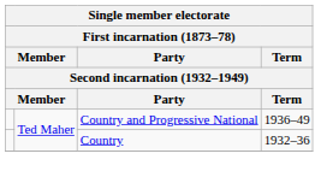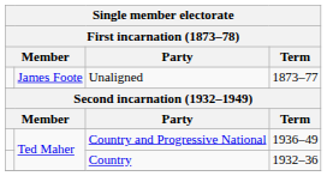 <table class="wikitable">
 <tr>
 <th colspan="4">Single member electorate</th>
 </tr>
 <tr>
 <th colspan="4">First incarnation (1873–78)</th>
 </tr>
 <tr>
 <th colspan="2">Member</th>
 <th>Party</th>
 <th>Term</th>
+</tr>
+<tr>
+<td> </td>
+<td><a href='#'>James Foote</a></td>
+<td>Unaligned</td>
+<td>1873–77</td>
 </tr>
 <tr>
 <th colspan="4">Second incarnation (1932–1949)</th>
 </tr>
 <tr>
 <th colspan="2">Member</th>
 <th>Party</th>
 <th>Term</th>
 </tr>
 <tr>
 <td> </td>
 <td rowspan="2"><a href='#'>Ted Maher</a></td>
 <td><a href='#'>Country and Progressive National</a></td>
 <td>1936–49</td>
 </tr>
 <tr>
 <td> </td>
 <td><a href='#'>Country</a></td>
 <td>1932–36</td>
 </tr>
 <tr>
 </tr>
 </table>
